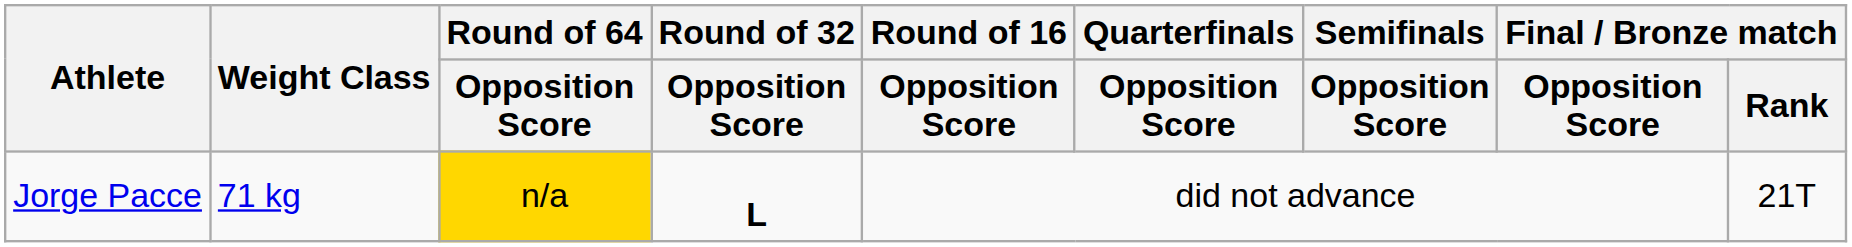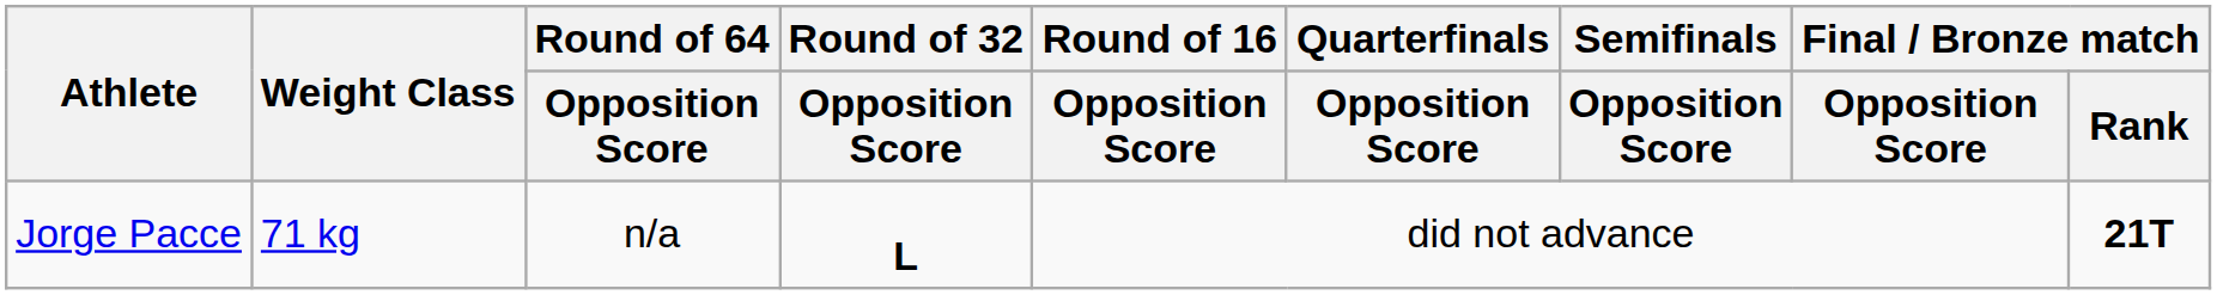 <table class=wikitable style="font-size:90%">
 <tr>
 <th rowspan="2">Athlete</th>
 <th rowspan="2">Weight Class</th>
 <th>Round of 64</th>
 <th>Round of 32</th>
 <th>Round of 16</th>
 <th>Quarterfinals</th>
 <th>Semifinals</th>
 <th colspan="2">Final / Bronze match</th>
 </tr>
 <tr>
 <th>Opposition<br>Score</th>
 <th>Opposition<br>Score</th>
 <th>Opposition<br>Score</th>
 <th>Opposition<br>Score</th>
 <th>Opposition<br>Score</th>
 <th>Opposition<br>Score</th>
 <th>Rank</th>
 </tr>
 <tr>
 <td><a href='#'>Jorge Pacce</a></td>
 <td><a href='#'>71 kg</a></td>
-<td align=center style="background: gold;">n/a</td>
+<td align=center>n/a</td>
 <td align=center> <br> <strong>L</strong></td>
 <td align=center colspan=4>did not advance</td>
-<td align=center>21T</td>
+<td align=center><strong>21T</strong></td>
 </tr>
 </table>
